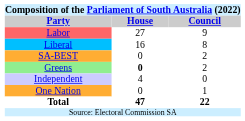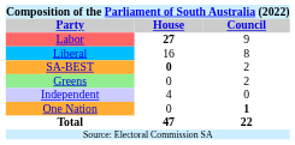 <table class="toccolours" cellpadding="0" cellspacing="0" style="float:right; margin-right:.5em; margin-top:.4em; margin-left:0.5em; font-size:90%">
 <tr>
 <th colspan="3"  style="background:#cef; text-align:center;">Composition of the <a href='#'>Parliament of South Australia</a> (2022)</th>
 </tr>
 <tr style="background:#ccc; vertical-align:top;">
 <th><a href='#'>Party</a></th>
 <th><a href='#'>House</a></th>
 <th><a href='#'>Council</a></th>
 </tr>
 <tr>
 <td style="text-align:center; background:#f66;"><a href='#'>Labor</a></td>
-<td style="text-align:center;">27</td>
+<td style="text-align:center;"><strong>27</strong></td>
 <td style="text-align:center;">9</td>
 </tr>
 <tr>
 <td style="text-align:center; background:#00bfff;"><a href='#'>Liberal</a></td>
 <td style="text-align:center;">16</td>
 <td style="text-align:center;">8</td>
 </tr>
 <tr>
 <td style="text-align:center; background:#ffad33;"><a href='#'>SA-BEST</a></td>
-<td style="text-align:center;">0</td>
+<td style="text-align:center;"><strong>0</strong></td>
 <td style="text-align:center;">2</td>
 </tr>
 <tr>
 <td style="text-align:center; background:#90ee90;"><a href='#'>Greens</a></td>
-<td style="text-align:center;"><strong>0</strong></td>
+<td style="text-align:center;">0</td>
 <td style="text-align:center;">2</td>
 </tr>
 <tr>
 <td style="text-align:center; background:#ccf;"><a href='#'>Independent</a></td>
 <td style="text-align:center;">4</td>
 <td style="text-align:center;">0</td>
 </tr>
 <tr>
 <td style="text-align:center; background:#ffad33;"><a href='#'>One Nation</a></td>
 <td style="text-align:center;">0</td>
-<td style="text-align:center;">1</td>
+<td style="text-align:center;"><strong>1</strong></td>
 </tr>
 <tr style="text-align:center;">
 <td style="background:white;"><strong>Total</strong></td>
 <td><strong>47</strong></td>
 <td><strong>22</strong></td>
 </tr>
 <tr>
 <td colspan="3"  style="font-size:80%; background:#cef; text-align:center;">Source: Electoral Commission SA</td>
 </tr>
 </table>
